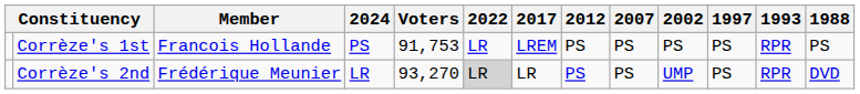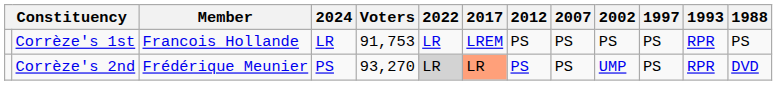 <table class="wikitable sortable">
 <tr>
 <th colspan="2">Constituency</th>
 <th>Member</th>
 <th>2024</th>
 <th>Voters</th>
 <th>2022</th>
 <th>2017</th>
 <th>2012</th>
 <th>2007</th>
 <th>2002</th>
 <th>1997</th>
 <th>1993</th>
 <th>1988</th>
 </tr>
 <tr>
 <td style="background-color: "></td>
 <td><a href='#'>Corrèze's 1st</a></td>
 <td><a href='#'>Francois Hollande</a></td>
-<td bgcolor=><a href='#'>PS</a></td>
+<td><a href='#'>LR</a></td>
 <td>91,753</td>
 <td><a href='#'>LR</a></td>
 <td><a href='#'>LREM</a></td>
 <td bgcolor=>PS</td>
 <td bgcolor=>PS</td>
 <td bgcolor=>PS</td>
 <td bgcolor=>PS</td>
 <td bgcolor=><a href='#'>RPR</a></td>
 <td bgcolor=>PS</td>
 </tr>
 <tr>
 <td style="background-color: "></td>
 <td><a href='#'>Corrèze's 2nd</a></td>
 <td><a href='#'>Frédérique Meunier</a></td>
-<td><a href='#'>LR</a></td>
+<td bgcolor=><a href='#'>PS</a></td>
 <td>93,270</td>
 <td style="background: lightgrey;">LR</td>
-<td>LR</td>
+<td style="background: lightsalmon;">LR</td>
 <td bgcolor=><a href='#'>PS</a></td>
 <td bgcolor=>PS</td>
 <td bgcolor=><a href='#'>UMP</a></td>
 <td bgcolor=>PS</td>
 <td bgcolor=><a href='#'>RPR</a></td>
 <td bgcolor=><a href='#'>DVD</a></td>
 </tr>
 </table>
